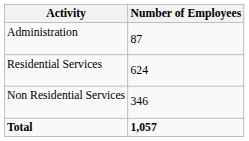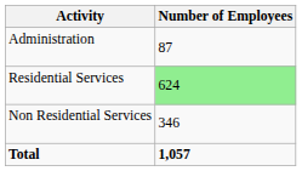 <table border="1" cellspacing="0" cellpadding="5" style="border-collapse:collapse;" class="wikitable">
 <tr>
 <th>Activity</th>
 <th>Number of Employees</th>
 </tr>
 <tr>
 <td>Administration<br><br></td>
 <td>87</td>
 </tr>
 <tr>
 <td>Residential Services<br><br></td>
-<td>624</td>
+<td style="background: lightgreen;">624</td>
 </tr>
 <tr>
 <td>Non Residential Services<br><br></td>
 <td>346</td>
 </tr>
 <tr>
 <td><strong>Total</strong></td>
 <td><strong>1,057</strong></td>
 </tr>
 </table>
